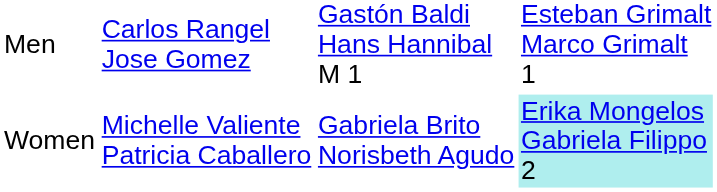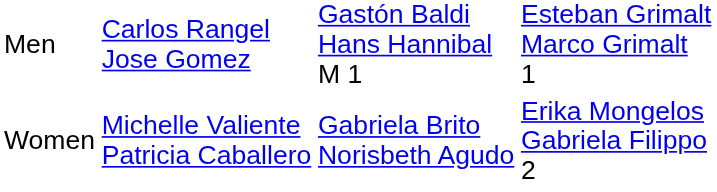 <table>
 <tr>
 <td>Men</td>
 <td><a href='#'>Carlos Rangel</a><br><a href='#'>Jose Gomez</a><br></td>
 <td><a href='#'>Gastón Baldi</a><br><a href='#'>Hans Hannibal</a><br> M 1</td>
 <td><a href='#'>Esteban Grimalt</a><br><a href='#'>Marco Grimalt</a><br> 1</td>
 </tr>
 <tr>
 <td>Women</td>
 <td><a href='#'>Michelle Valiente</a><br><a href='#'>Patricia Caballero</a><br></td>
 <td><a href='#'>Gabriela Brito</a><br><a href='#'>Norisbeth Agudo</a><br></td>
-<td style="background: paleturquoise;"><a href='#'>Erika Mongelos</a><br><a href='#'>Gabriela Filippo</a><br> 2</td>
+<td><a href='#'>Erika Mongelos</a><br><a href='#'>Gabriela Filippo</a><br> 2</td>
 </tr>
 </table>
